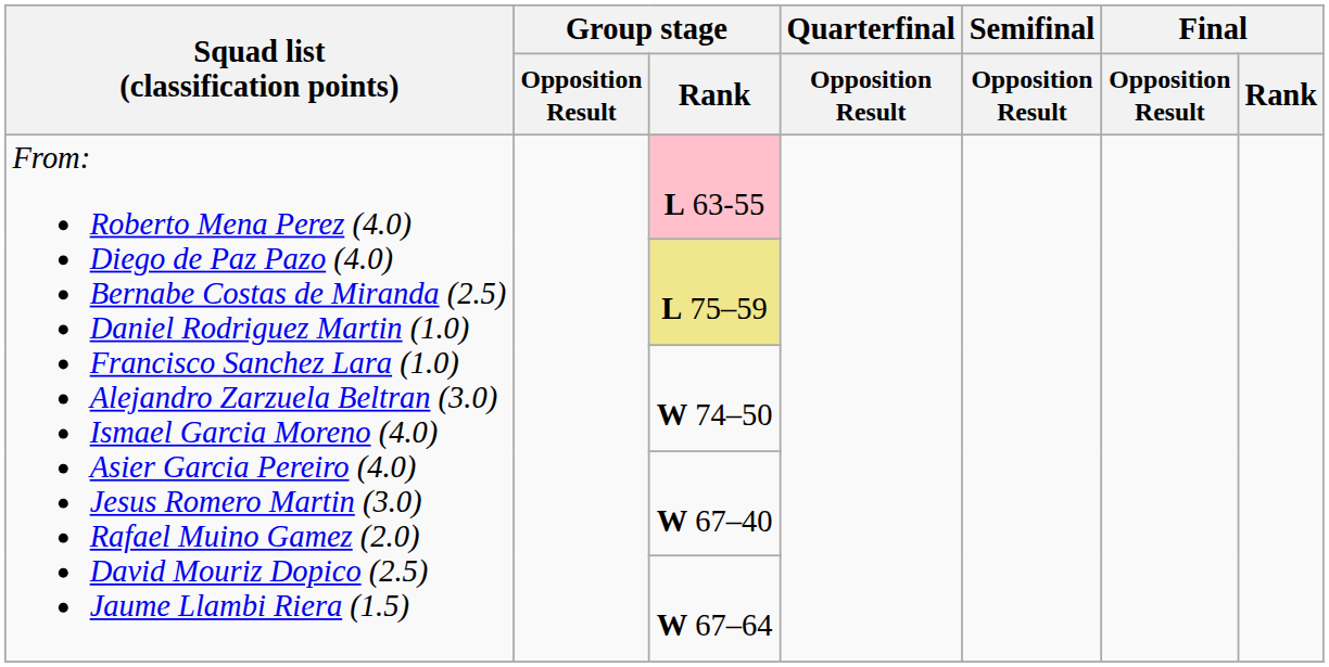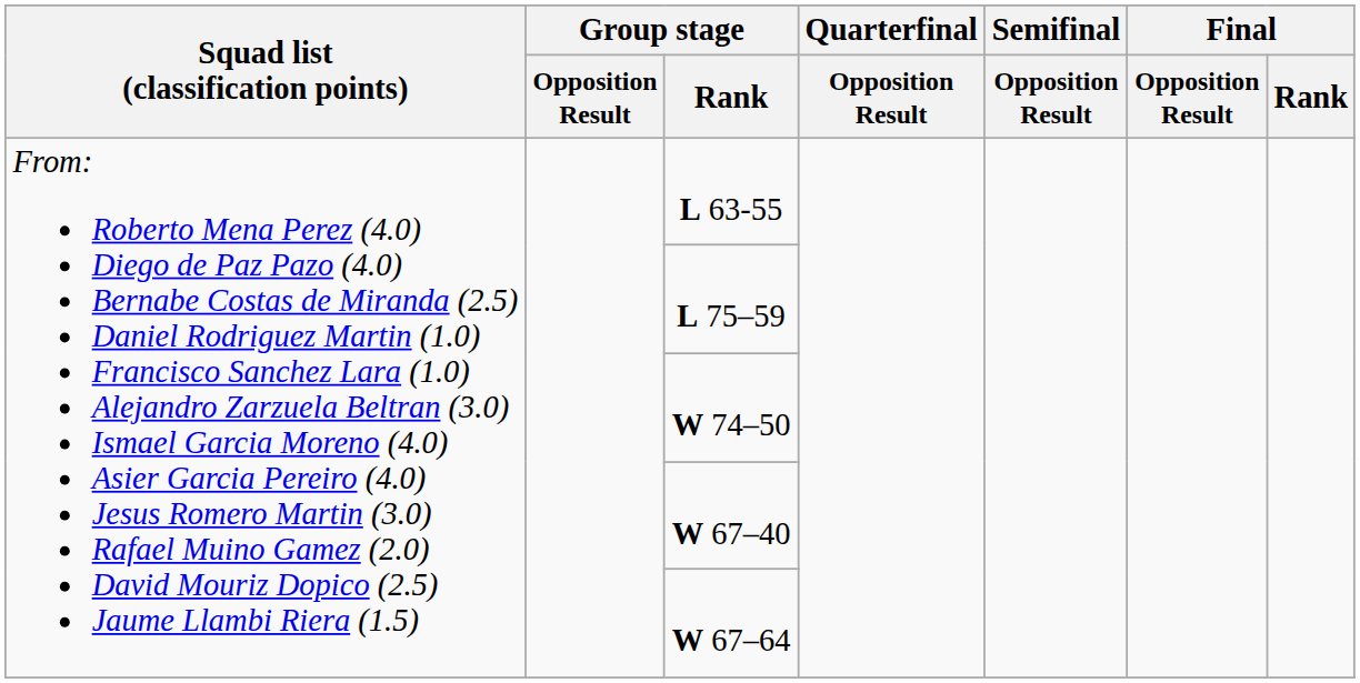 <table class=wikitable>
 <tr>
 <th rowspan="2">Squad list<br>(classification points)</th>
 <th colspan="2">Group stage</th>
 <th>Quarterfinal</th>
 <th>Semifinal</th>
 <th colspan="2">Final</th>
 </tr>
 <tr>
 <th style="line-height:1em"><small>Opposition<br>Result</small></th>
 <th>Rank</th>
 <th style="line-height:1em"><small>Opposition<br>Result</small></th>
 <th style="line-height:1em"><small>Opposition<br>Result</small></th>
 <th style="line-height:1em"><small>Opposition<br>Result</small></th>
 <th>Rank</th>
 </tr>
 <tr>
 <td rowspan="5"><em>From:<br><ul><li><a href='#'>Roberto Mena Perez</a> (4.0)</li><li><a href='#'>Diego de Paz Pazo</a> (4.0)</li><li><a href='#'>Bernabe Costas de Miranda</a> (2.5)</li><li><a href='#'>Daniel Rodriguez Martin</a> (1.0)</li><li><a href='#'>Francisco Sanchez Lara</a> (1.0)</li><li><a href='#'>Alejandro Zarzuela Beltran</a> (3.0)</li><li><a href='#'>Ismael Garcia Moreno</a> (4.0)</li><li><a href='#'>Asier Garcia Pereiro</a> (4.0)</li><li><a href='#'>Jesus Romero Martin</a> (3.0)</li><li><a href='#'>Rafael Muino Gamez</a> (2.0)</li><li><a href='#'>David Mouriz Dopico</a> (2.5)</li><li><a href='#'>Jaume Llambi Riera</a> (1.5)</li></ul></td>
 <td style="text-align:center;" rowspan="5"></td>
-<td style="background: pink; text-align:center;"><br><strong>L</strong> 63-55</td>
+<td style="text-align:center;"><br><strong>L</strong> 63-55</td>
 <td style="text-align:center;" rowspan="5"></td>
 <td style="text-align:center;" rowspan="5"></td>
 <td style="text-align:center;" rowspan="5"></td>
 <td style="text-align:center;" rowspan="5"></td>
 </tr>
 <tr>
-<td style="background: khaki; text-align:center;"><br><strong>L</strong> 75–59</td>
+<td style="text-align:center;"><br><strong>L</strong> 75–59</td>
 </tr>
 <tr>
 <td style="text-align:center;"><br><strong>W</strong> 74–50</td>
 </tr>
 <tr>
 <td style="text-align:center;"><br><strong>W</strong> 67–40</td>
 </tr>
 <tr>
 <td style="text-align:center;"><br><strong>W</strong> 67–64</td>
 </tr>
 </table>
